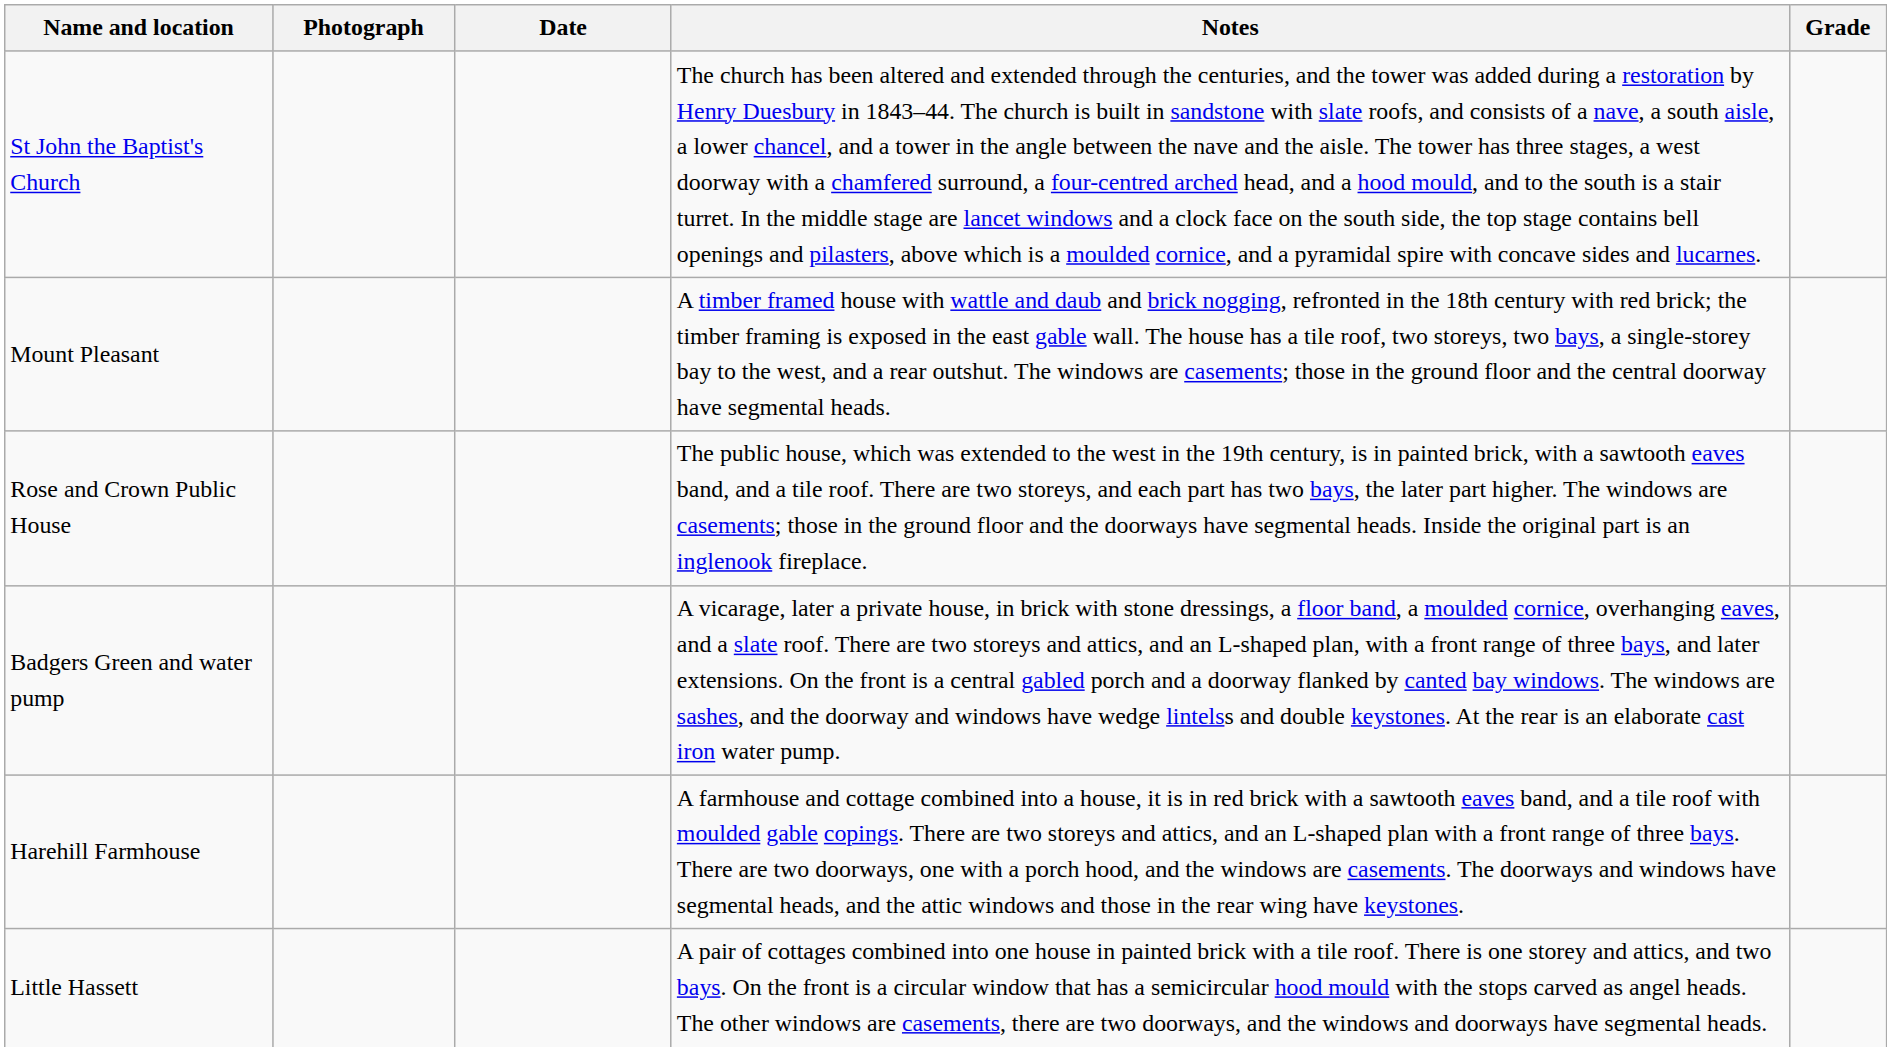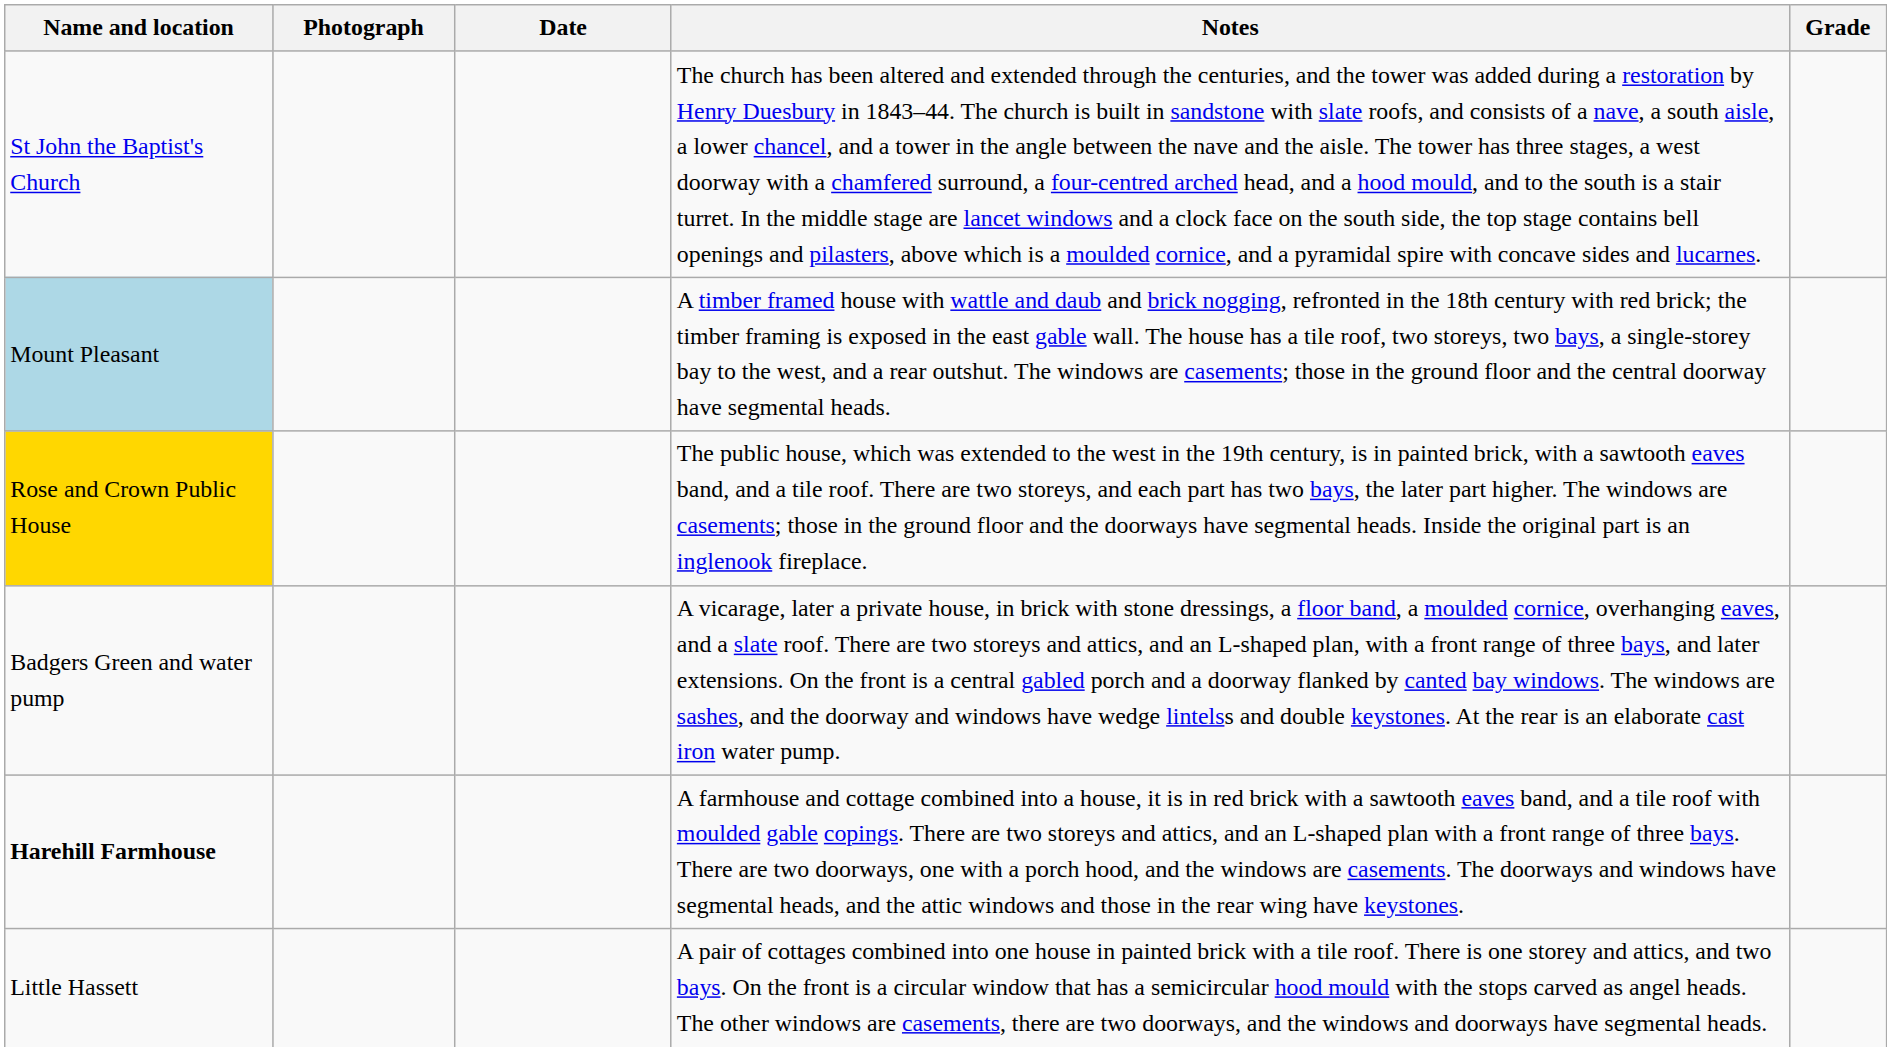 <table class="wikitable sortable plainrowheaders" style="width:100%; border:0; text-align:left; line-height:150%;">
 <tr>
 <th scope="col"  style="width:150px">Name and location</th>
 <th scope="col"  style="width:100px" class="unsortable">Photograph</th>
 <th scope="col"  style="width:120px">Date</th>
 <th scope="col"  style="width:650px" class="unsortable">Notes</th>
 <th scope="col"  style="width:50px">Grade</th>
 </tr>
 <tr>
 <td><a href='#'>St John the Baptist's Church</a><br><small></small></td>
 <td></td>
 <td align="center"></td>
 <td>The church has been altered and extended through the centuries, and the tower was added during a <a href='#'>restoration</a> by <a href='#'>Henry Duesbury</a> in 1843–44.  The church is built in <a href='#'>sandstone</a> with <a href='#'>slate</a> roofs, and consists of a <a href='#'>nave</a>, a south <a href='#'>aisle</a>, a lower <a href='#'>chancel</a>, and a tower in the angle between the nave and the aisle.  The tower has three stages, a west doorway with a <a href='#'>chamfered</a> surround, a <a href='#'>four-centred arched</a> head, and a <a href='#'>hood mould</a>, and to the south is a stair turret.  In the middle stage are <a href='#'>lancet windows</a> and a clock face on the south side, the top stage contains bell openings and <a href='#'>pilasters</a>, above which is  a <a href='#'>moulded</a> <a href='#'>cornice</a>, and a pyramidal spire with concave sides and <a href='#'>lucarnes</a>.</td>
 <td align="center" ></td>
 </tr>
 <tr>
-<td>Mount Pleasant<br><small></small></td>
+<td style="background: lightblue;">Mount Pleasant<br><small></small></td>
 <td></td>
 <td align="center"></td>
 <td>A <a href='#'>timber framed</a> house with <a href='#'>wattle and daub</a> and <a href='#'>brick nogging</a>, refronted in the 18th century with red brick; the timber framing is exposed in the east <a href='#'>gable</a> wall.  The house has a tile roof, two storeys, two <a href='#'>bays</a>, a single-storey bay to the west, and a rear outshut.  The windows are <a href='#'>casements</a>; those in the ground floor and the central doorway have segmental heads.</td>
 <td align="center" ></td>
 </tr>
 <tr>
-<td>Rose and Crown Public House<br><small></small></td>
+<td style="background: gold;">Rose and Crown Public House<br><small></small></td>
 <td></td>
 <td align="center"></td>
 <td>The public house, which was extended to the west in the 19th century, is in painted brick, with a sawtooth <a href='#'>eaves</a> band, and a tile roof.  There are two storeys, and each part has two <a href='#'>bays</a>, the later part higher.  The windows are <a href='#'>casements</a>; those in the ground floor and the doorways have segmental heads.  Inside the original part is an <a href='#'>inglenook</a> fireplace.</td>
 <td align="center" ></td>
 </tr>
 <tr>
 <td>Badgers Green and water pump<br><small></small></td>
 <td></td>
 <td align="center"></td>
 <td>A vicarage, later a private house, in brick with stone dressings, a <a href='#'>floor band</a>, a <a href='#'>moulded</a> <a href='#'>cornice</a>, overhanging <a href='#'>eaves</a>, and a <a href='#'>slate</a> roof.  There are two storeys and attics, and an L-shaped plan, with a front range of three <a href='#'>bays</a>, and later extensions.  On the front is a central <a href='#'>gabled</a> porch and a doorway flanked by <a href='#'>canted</a> <a href='#'>bay windows</a>.  The windows are <a href='#'>sashes</a>, and the doorway and windows have wedge <a href='#'>lintels</a>s and double <a href='#'>keystones</a>.  At the rear is an elaborate <a href='#'>cast iron</a> water pump.</td>
 <td align="center" ></td>
 </tr>
 <tr>
-<td>Harehill Farmhouse<br><small></small></td>
+<td><strong>Harehill Farmhouse<br><small></small></strong></td>
 <td></td>
 <td align="center"></td>
 <td>A farmhouse and cottage combined into a house, it is in red brick with a sawtooth <a href='#'>eaves</a> band, and a tile roof with <a href='#'>moulded</a> <a href='#'>gable</a> <a href='#'>copings</a>.  There are two storeys and attics, and an L-shaped plan with a front range of three <a href='#'>bays</a>.  There are two doorways, one with a porch hood, and the windows are <a href='#'>casements</a>.  The doorways and windows have segmental heads, and the attic windows and those in the rear wing have <a href='#'>keystones</a>.</td>
 <td align="center" ></td>
 </tr>
 <tr>
 <td>Little Hassett<br><small></small></td>
 <td></td>
 <td align="center"></td>
 <td>A pair of cottages combined into one house in painted brick with a tile roof.  There is one storey and attics, and two <a href='#'>bays</a>.  On the front is a circular window that has a semicircular <a href='#'>hood mould</a> with the stops carved as angel heads.  The other windows are <a href='#'>casements</a>, there are two doorways, and the windows and doorways have segmental heads.</td>
 <td align="center" ></td>
 </tr>
 <tr>
 </tr>
 </table>
